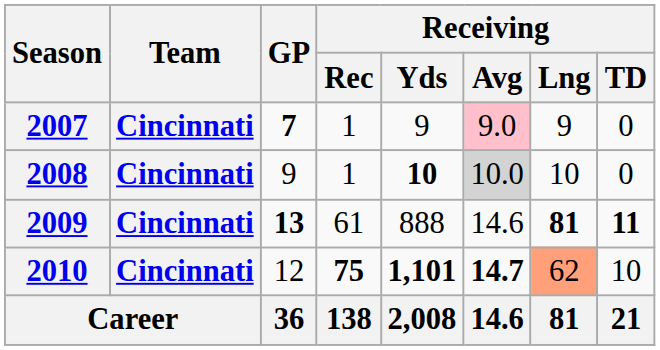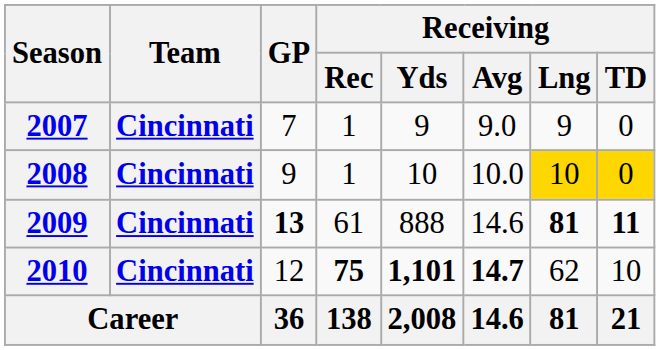 <table class="wikitable" style="text-align:center;">
 <tr>
 <th rowspan="2">Season</th>
 <th rowspan="2">Team</th>
 <th rowspan="2">GP</th>
 <th colspan="5">Receiving</th>
 </tr>
 <tr>
 <th>Rec</th>
 <th>Yds</th>
 <th>Avg</th>
 <th>Lng</th>
 <th>TD</th>
 </tr>
 <tr>
 <th><a href='#'>2007</a></th>
 <th><a href='#'>Cincinnati</a></th>
-<td><strong>7</strong></td>
+<td>7</td>
 <td>1</td>
 <td>9</td>
-<td style="background: pink;">9.0</td>
+<td>9.0</td>
 <td>9</td>
 <td>0</td>
 </tr>
 <tr>
 <th><a href='#'>2008</a></th>
 <th><a href='#'>Cincinnati</a></th>
 <td>9</td>
 <td>1</td>
-<td><strong>10</strong></td>
-<td style="background: lightgrey;">10.0</td>
 <td>10</td>
-<td>0</td>
+<td>10.0</td>
+<td style="background: gold;">10</td>
+<td style="background: gold;">0</td>
 </tr>
 <tr>
 <th><a href='#'>2009</a></th>
 <th><a href='#'>Cincinnati</a></th>
 <td><strong>13</strong></td>
 <td>61</td>
 <td>888</td>
 <td>14.6</td>
 <td><strong>81</strong></td>
 <td><strong>11</strong></td>
 </tr>
 <tr>
 <th><a href='#'>2010</a></th>
 <th><a href='#'>Cincinnati</a></th>
 <td>12</td>
 <td><strong>75</strong></td>
 <td><strong>1,101</strong></td>
 <td><strong>14.7</strong></td>
-<td style="background: lightsalmon;">62</td>
+<td>62</td>
 <td>10</td>
 </tr>
 <tr>
 <th colspan="2">Career</th>
 <th>36</th>
 <th>138</th>
 <th>2,008</th>
 <th>14.6</th>
 <th>81</th>
 <th>21</th>
 </tr>
 </table>
